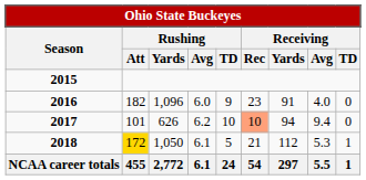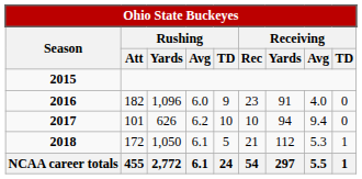 <table class=wikitable style="text-align:center;">
 <tr>
 <td ! colspan="10" style="background:#b00; border:2px solid #666; color:#fff; text-align:center;"><strong>Ohio State Buckeyes</strong></td>
 </tr>
 <tr>
 <th rowspan=2>Season</th>
 <th colspan=4>Rushing</th>
 <th colspan=4>Receiving</th>
 </tr>
 <tr>
 <th>Att</th>
 <th>Yards</th>
 <th>Avg</th>
 <th>TD</th>
 <th>Rec</th>
 <th>Yards</th>
 <th>Avg</th>
 <th>TD</th>
 </tr>
 <tr>
 <td><strong>2015</strong></td>
 <td colspan=11></td>
 </tr>
 <tr>
 <td><strong>2016</strong></td>
 <td>182</td>
 <td>1,096</td>
 <td>6.0</td>
 <td>9</td>
 <td>23</td>
 <td>91</td>
 <td>4.0</td>
 <td>0</td>
 </tr>
 <tr>
 <td><strong>2017</strong></td>
 <td>101</td>
 <td>626</td>
 <td>6.2</td>
 <td>10</td>
-<td style="background: lightsalmon;">10</td>
+<td>10</td>
 <td>94</td>
 <td>9.4</td>
 <td>0</td>
 </tr>
 <tr>
 <td><strong>2018</strong></td>
-<td style="background: gold;">172</td>
+<td>172</td>
 <td>1,050</td>
 <td>6.1</td>
 <td>5</td>
 <td>21</td>
 <td>112</td>
 <td>5.3</td>
 <td>1</td>
 </tr>
 <tr>
 <th>NCAA career totals</th>
 <th>455</th>
 <th>2,772</th>
 <th>6.1</th>
 <th>24</th>
 <th>54</th>
 <th>297</th>
 <th>5.5</th>
 <th>1</th>
 </tr>
 </table>
